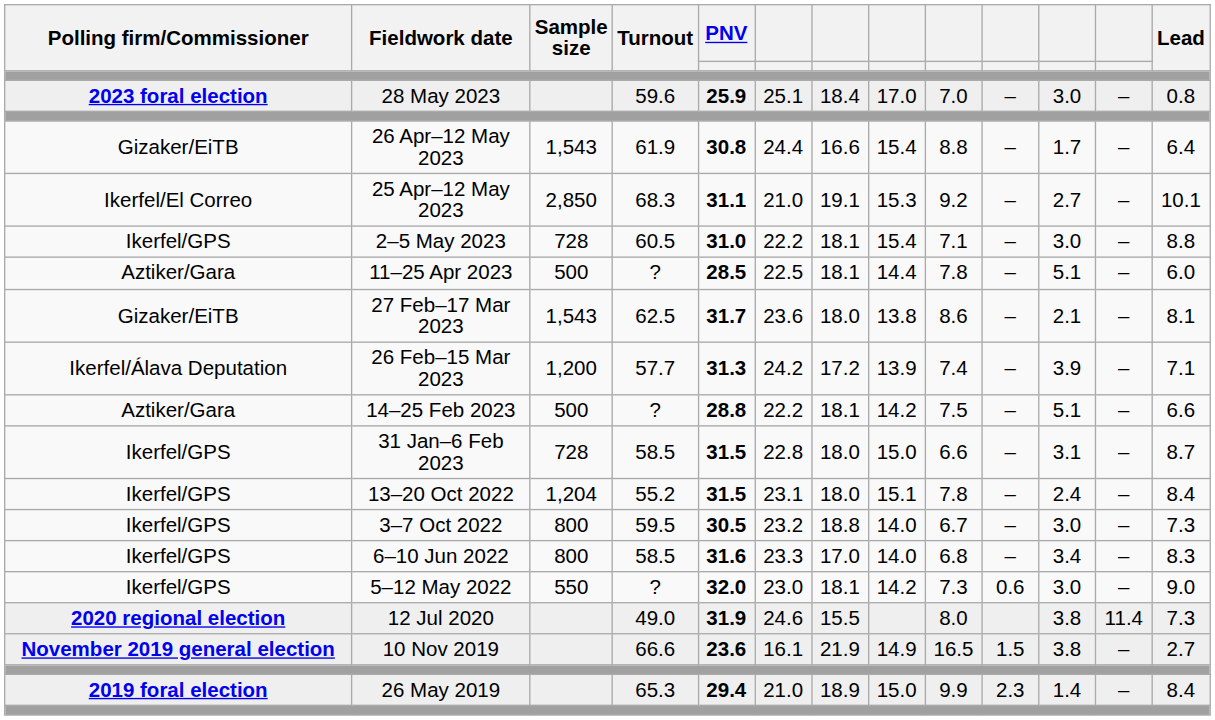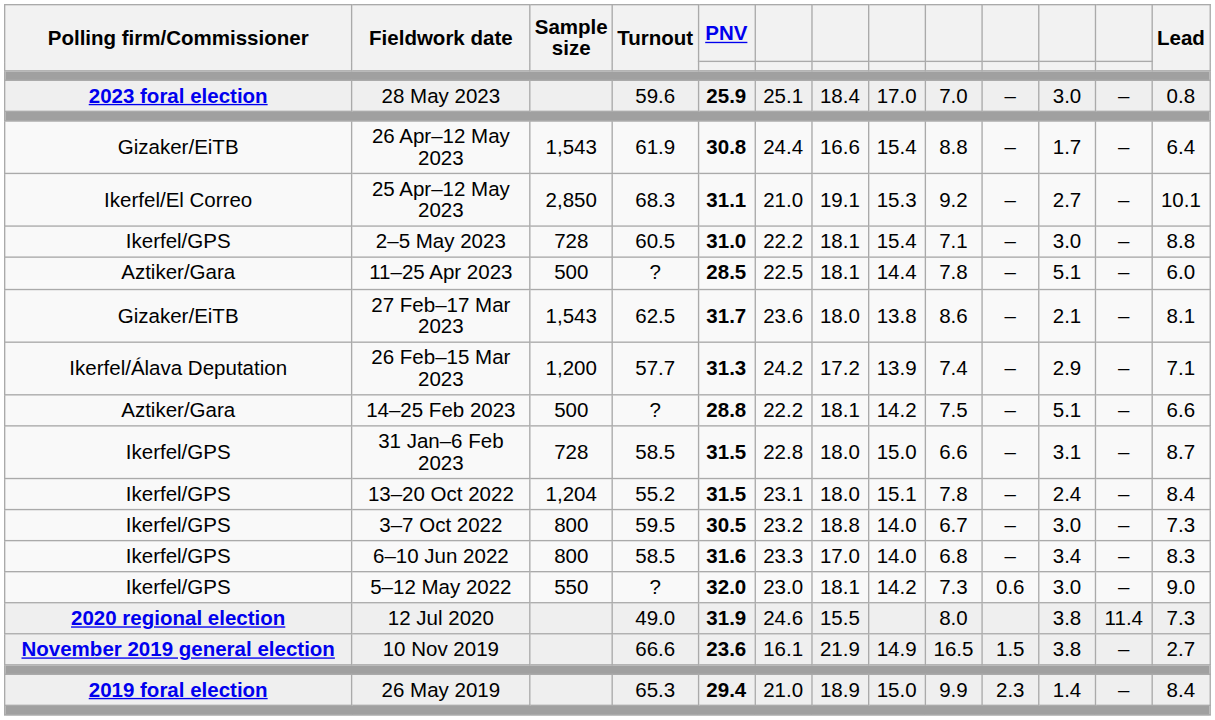 <table class="wikitable collapsible collapsed" style="text-align:center; font-size:95%; line-height:16px;">
 <tr style="height:42px;">
 <th style="width:250px;" rowspan="2">Polling firm/Commissioner</th>
 <th style="width:125px;" rowspan="2">Fieldwork date</th>
 <th style="width:50px;" rowspan="2">Sample size</th>
 <th style="width:45px;" rowspan="2">Turnout</th>
 <th style="width:35px;"><a href='#'>PNV</a></th>
 <th style="width:35px;"></th>
 <th style="width:35px;"></th>
 <th style="width:35px;"></th>
 <th style="width:35px;"></th>
 <th style="width:35px;"></th>
 <th style="width:35px;"></th>
 <th style="width:35px;"></th>
 <th style="width:30px;" rowspan="2">Lead</th>
 </tr>
 <tr>
 <th style="color:inherit;background:"></th>
 <th style="color:inherit;background:"></th>
 <th style="color:inherit;background:"></th>
 <th style="color:inherit;background:"></th>
 <th style="color:inherit;background:"></th>
 <th style="color:inherit;background:"></th>
 <th style="color:inherit;background:"></th>
 <th style="color:inherit;background:"></th>
 </tr>
 <tr>
 <td colspan="13" style="background:#A0A0A0"></td>
 </tr>
 <tr style="background:#EFEFEF;">
 <td><strong><a href='#'>2023 foral election</a></strong></td>
 <td>28 May 2023</td>
 <td></td>
 <td>59.6</td>
 <td><strong>25.9</strong><br></td>
 <td>25.1<br></td>
 <td>18.4<br></td>
 <td>17.0<br></td>
 <td>7.0<br></td>
 <td>–</td>
 <td>3.0<br></td>
 <td>–</td>
 <td style="background:">0.8</td>
 </tr>
 <tr>
 <td colspan="13" style="background:#A0A0A0"></td>
 </tr>
 <tr>
 <td>Gizaker/EiTB</td>
 <td>26 Apr–12 May 2023</td>
 <td>1,543</td>
 <td>61.9</td>
 <td><strong>30.8</strong><br></td>
 <td>24.4<br></td>
 <td>16.6<br></td>
 <td>15.4<br></td>
 <td>8.8<br></td>
 <td>–</td>
 <td>1.7<br></td>
 <td>–</td>
 <td style="background:">6.4</td>
 </tr>
 <tr>
 <td>Ikerfel/El Correo</td>
 <td>25 Apr–12 May 2023</td>
 <td>2,850</td>
 <td>68.3</td>
 <td><strong>31.1</strong><br></td>
 <td>21.0<br></td>
 <td>19.1<br></td>
 <td>15.3<br></td>
 <td>9.2<br></td>
 <td>–</td>
 <td>2.7<br></td>
 <td>–</td>
 <td style="background:">10.1</td>
 </tr>
 <tr>
 <td>Ikerfel/GPS</td>
 <td>2–5 May 2023</td>
 <td>728</td>
 <td>60.5</td>
 <td><strong>31.0</strong></td>
 <td>22.2</td>
 <td>18.1</td>
 <td>15.4</td>
 <td>7.1</td>
 <td>–</td>
 <td>3.0</td>
 <td>–</td>
 <td style="background:">8.8</td>
 </tr>
 <tr>
 <td>Aztiker/Gara</td>
 <td>11–25 Apr 2023</td>
 <td>500</td>
 <td>?</td>
 <td><strong>28.5</strong><br></td>
 <td>22.5<br></td>
 <td>18.1<br></td>
 <td>14.4<br></td>
 <td>7.8<br></td>
 <td>–</td>
 <td>5.1<br></td>
 <td>–</td>
 <td style="background:">6.0</td>
 </tr>
 <tr>
 <td>Gizaker/EiTB</td>
 <td>27 Feb–17 Mar 2023</td>
 <td>1,543</td>
 <td>62.5</td>
 <td><strong>31.7</strong><br></td>
 <td>23.6<br></td>
 <td>18.0<br></td>
 <td>13.8<br></td>
 <td>8.6<br></td>
 <td>–</td>
 <td>2.1<br></td>
 <td>–</td>
 <td style="background:">8.1</td>
 </tr>
 <tr>
 <td>Ikerfel/Álava Deputation</td>
 <td>26 Feb–15 Mar 2023</td>
 <td>1,200</td>
 <td>57.7</td>
 <td><strong>31.3</strong><br></td>
 <td>24.2<br></td>
 <td>17.2<br></td>
 <td>13.9<br></td>
 <td>7.4<br></td>
 <td>–</td>
-<td>3.9<br></td>
+<td>2.9<br></td>
 <td>–</td>
 <td style="background:">7.1</td>
 </tr>
 <tr>
 <td>Aztiker/Gara</td>
 <td>14–25 Feb 2023</td>
 <td>500</td>
 <td>?</td>
 <td><strong>28.8</strong><br></td>
 <td>22.2<br></td>
 <td>18.1<br></td>
 <td>14.2<br></td>
 <td>7.5<br></td>
 <td>–</td>
 <td>5.1<br></td>
 <td>–</td>
 <td style="background:">6.6</td>
 </tr>
 <tr>
 <td>Ikerfel/GPS</td>
 <td>31 Jan–6 Feb 2023</td>
 <td>728</td>
 <td>58.5</td>
 <td><strong>31.5</strong></td>
 <td>22.8</td>
 <td>18.0</td>
 <td>15.0</td>
 <td>6.6</td>
 <td>–</td>
 <td>3.1</td>
 <td>–</td>
 <td style="background:">8.7</td>
 </tr>
 <tr>
 <td>Ikerfel/GPS</td>
 <td>13–20 Oct 2022</td>
 <td>1,204</td>
 <td>55.2</td>
 <td><strong>31.5</strong><br></td>
 <td>23.1<br></td>
 <td>18.0<br></td>
 <td>15.1<br></td>
 <td>7.8<br></td>
 <td>–</td>
 <td>2.4<br></td>
 <td>–</td>
 <td style="background:">8.4</td>
 </tr>
 <tr>
 <td>Ikerfel/GPS</td>
 <td>3–7 Oct 2022</td>
 <td>800</td>
 <td>59.5</td>
 <td><strong>30.5</strong></td>
 <td>23.2</td>
 <td>18.8</td>
 <td>14.0</td>
 <td>6.7</td>
 <td>–</td>
 <td>3.0</td>
 <td>–</td>
 <td style="background:">7.3</td>
 </tr>
 <tr>
 <td>Ikerfel/GPS</td>
 <td>6–10 Jun 2022</td>
 <td>800</td>
 <td>58.5</td>
 <td><strong>31.6</strong></td>
 <td>23.3</td>
 <td>17.0</td>
 <td>14.0</td>
 <td>6.8</td>
 <td>–</td>
 <td>3.4</td>
 <td>–</td>
 <td style="background:">8.3</td>
 </tr>
 <tr>
 <td>Ikerfel/GPS</td>
 <td>5–12 May 2022</td>
 <td>550</td>
 <td>?</td>
 <td><strong>32.0</strong></td>
 <td>23.0</td>
 <td>18.1</td>
 <td>14.2</td>
 <td>7.3</td>
 <td>0.6</td>
 <td>3.0</td>
 <td>–</td>
 <td style="background:">9.0</td>
 </tr>
 <tr style="background:#EFEFEF;">
 <td><strong><a href='#'>2020 regional election</a></strong></td>
 <td>12 Jul 2020</td>
 <td></td>
 <td>49.0</td>
 <td><strong>31.9</strong></td>
 <td>24.6</td>
 <td>15.5</td>
 <td></td>
 <td>8.0</td>
 <td></td>
 <td>3.8</td>
 <td>11.4</td>
 <td style="background:">7.3</td>
 </tr>
 <tr style="background:#EFEFEF;">
 <td><strong><a href='#'>November 2019 general election</a></strong></td>
 <td>10 Nov 2019</td>
 <td></td>
 <td>66.6</td>
 <td><strong>23.6</strong></td>
 <td>16.1</td>
 <td>21.9</td>
 <td>14.9</td>
 <td>16.5</td>
 <td>1.5</td>
 <td>3.8</td>
 <td>–</td>
 <td style="background:">2.7</td>
 </tr>
 <tr>
 <td colspan="13" style="background:#A0A0A0"></td>
 </tr>
 <tr style="background:#EFEFEF;">
 <td><strong><a href='#'>2019 foral election</a></strong></td>
 <td>26 May 2019</td>
 <td></td>
 <td>65.3</td>
 <td><strong>29.4</strong><br></td>
 <td>21.0<br></td>
 <td>18.9<br></td>
 <td>15.0<br></td>
 <td>9.9<br></td>
 <td>2.3<br></td>
 <td>1.4<br></td>
 <td>–</td>
 <td style="background:">8.4</td>
 </tr>
 <tr>
 <td colspan="13" style="background:#A0A0A0"></td>
 </tr>
 </table>
